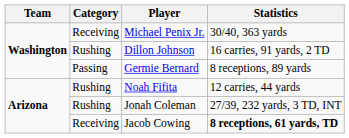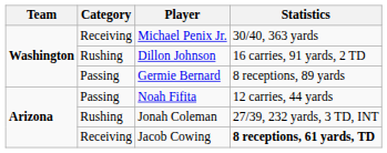 <table class="wikitable" style="float: right;">
 <tr>
 <th>Team</th>
 <th>Category</th>
 <th>Player</th>
 <th>Statistics</th>
 </tr>
 <tr>
 <td rowspan=3><strong>Washington</strong></td>
 <td>Receiving</td>
 <td><a href='#'>Michael Penix Jr.</a></td>
 <td>30/40, 363 yards</td>
 </tr>
 <tr>
 <td>Rushing</td>
 <td><a href='#'>Dillon Johnson</a></td>
 <td>16 carries, 91 yards, 2 TD</td>
 </tr>
 <tr>
 <td>Passing</td>
 <td><a href='#'>Germie Bernard</a></td>
 <td>8 receptions, 89 yards</td>
 </tr>
 <tr>
 <td rowspan=3><strong>Arizona</strong></td>
-<td>Rushing</td>
+<td>Passing</td>
 <td><a href='#'>Noah Fifita</a></td>
 <td>12 carries, 44 yards</td>
 </tr>
 <tr>
 <td>Rushing</td>
 <td>Jonah Coleman</td>
 <td>27/39, 232 yards, 3 TD, INT</td>
 </tr>
 <tr>
 <td>Receiving</td>
 <td>Jacob Cowing</td>
 <td><strong>8 receptions, 61 yards, TD</strong></td>
 </tr>
 </table>
